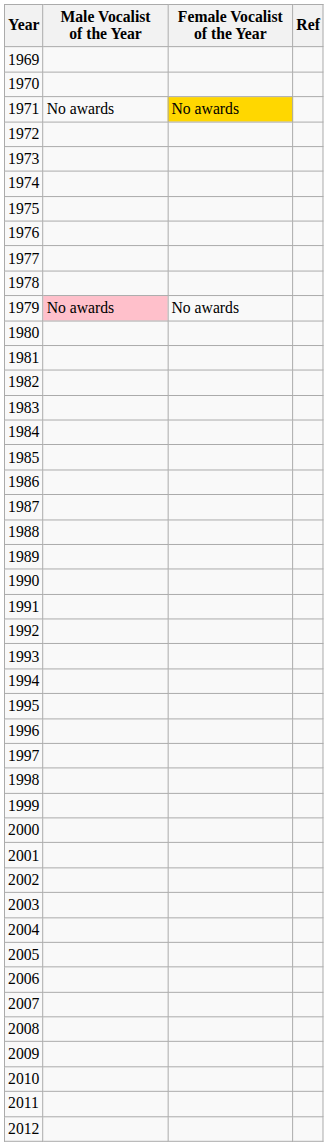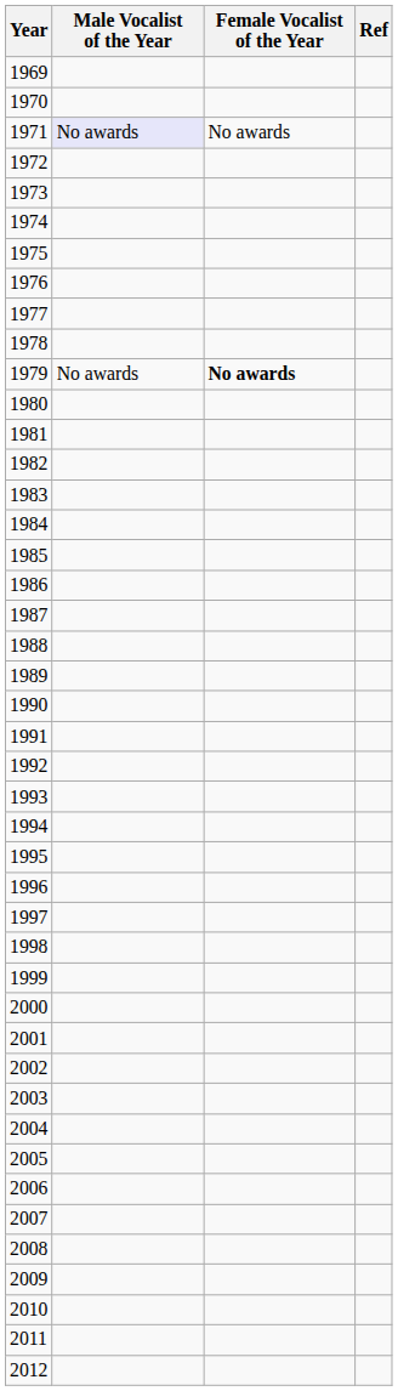 <table class="wikitable sortable" border="1">
 <tr>
 <th scope="col" width = 10px style="align center">Year</th>
 <th scope="col" width = 120px>Male Vocalist<br>of the Year</th>
 <th scope="col" width = 120px>Female Vocalist<br>of the Year</th>
 <th scope="col" class="unsortable" width=9px>Ref</th>
 </tr>
 <tr>
 <td>1969</td>
 <td></td>
 <td></td>
 <td></td>
 </tr>
 <tr>
 <td>1970</td>
 <td></td>
 <td></td>
 <td></td>
 </tr>
 <tr>
 <td>1971</td>
+<td style="background: lavender;">No awards</td>
 <td>No awards</td>
-<td style="background: gold;">No awards</td>
 <td></td>
 </tr>
 <tr>
 <td>1972</td>
 <td></td>
 <td></td>
 <td></td>
 </tr>
 <tr>
 <td>1973</td>
 <td></td>
 <td></td>
 <td></td>
 </tr>
 <tr>
 <td>1974</td>
 <td></td>
 <td></td>
 <td></td>
 </tr>
 <tr>
 <td>1975</td>
 <td></td>
 <td></td>
 <td></td>
 </tr>
 <tr>
 <td>1976</td>
 <td></td>
 <td></td>
 <td></td>
 </tr>
 <tr>
 <td>1977</td>
 <td></td>
 <td></td>
 <td></td>
 </tr>
 <tr>
 <td>1978</td>
 <td></td>
 <td></td>
 <td></td>
 </tr>
 <tr>
 <td>1979</td>
-<td style="background: pink;">No awards</td>
 <td>No awards</td>
+<td><strong>No awards</strong></td>
 <td></td>
 </tr>
 <tr>
 <td>1980</td>
 <td></td>
 <td></td>
 <td></td>
 </tr>
 <tr>
 <td>1981</td>
 <td></td>
 <td></td>
 <td></td>
 </tr>
 <tr>
 <td>1982</td>
 <td></td>
 <td></td>
 <td></td>
 </tr>
 <tr>
 <td>1983</td>
 <td></td>
 <td></td>
 <td></td>
 </tr>
 <tr>
 <td>1984</td>
 <td></td>
 <td></td>
 <td></td>
 </tr>
 <tr>
 <td>1985</td>
 <td></td>
 <td></td>
 <td></td>
 </tr>
 <tr>
 <td>1986</td>
 <td></td>
 <td></td>
 <td></td>
 </tr>
 <tr>
 <td>1987</td>
 <td></td>
 <td></td>
 <td></td>
 </tr>
 <tr>
 <td>1988</td>
 <td></td>
 <td></td>
 <td></td>
 </tr>
 <tr>
 <td>1989</td>
 <td></td>
 <td></td>
 <td></td>
 </tr>
 <tr>
 <td>1990</td>
 <td></td>
 <td></td>
 <td></td>
 </tr>
 <tr>
 <td>1991</td>
 <td></td>
 <td></td>
 <td></td>
 </tr>
 <tr>
 <td>1992</td>
 <td></td>
 <td></td>
 <td></td>
 </tr>
 <tr>
 <td>1993</td>
 <td></td>
 <td></td>
 <td></td>
 </tr>
 <tr>
 <td>1994</td>
 <td></td>
 <td></td>
 <td></td>
 </tr>
 <tr>
 <td>1995</td>
 <td></td>
 <td></td>
 <td></td>
 </tr>
 <tr>
 <td>1996</td>
 <td></td>
 <td></td>
 <td></td>
 </tr>
 <tr>
 <td>1997</td>
 <td></td>
 <td></td>
 <td></td>
 </tr>
 <tr>
 <td>1998</td>
 <td></td>
 <td></td>
 <td></td>
 </tr>
 <tr>
 <td>1999</td>
 <td></td>
 <td></td>
 <td></td>
 </tr>
 <tr>
 <td>2000</td>
 <td></td>
 <td></td>
 <td></td>
 </tr>
 <tr>
 <td>2001</td>
 <td></td>
 <td></td>
 <td></td>
 </tr>
 <tr>
 <td>2002</td>
 <td></td>
 <td></td>
 <td></td>
 </tr>
 <tr>
 <td>2003</td>
 <td></td>
 <td></td>
 <td></td>
 </tr>
 <tr>
 <td>2004</td>
 <td></td>
 <td></td>
 <td></td>
 </tr>
 <tr>
 <td>2005</td>
 <td></td>
 <td></td>
 <td></td>
 </tr>
 <tr>
 <td>2006</td>
 <td></td>
 <td></td>
 <td></td>
 </tr>
 <tr>
 <td>2007</td>
 <td></td>
 <td></td>
 <td></td>
 </tr>
 <tr>
 <td>2008</td>
 <td></td>
 <td></td>
 <td></td>
 </tr>
 <tr>
 <td>2009</td>
 <td></td>
 <td></td>
 <td></td>
 </tr>
 <tr>
 <td>2010</td>
 <td></td>
 <td></td>
 <td></td>
 </tr>
 <tr>
 <td>2011</td>
 <td></td>
 <td></td>
 <td></td>
 </tr>
 <tr>
 <td>2012</td>
 <td></td>
 <td></td>
 <td></td>
 </tr>
 </table>
